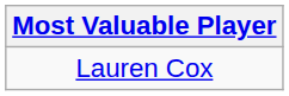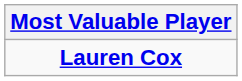 <table class=wikitable style="text-align:center; margin:auto">
 <tr>
 <th><a href='#'>Most Valuable Player</a></th>
 </tr>
 <tr>
-<td> <a href='#'>Lauren Cox</a></td>
+<td><strong> <a href='#'>Lauren Cox</a></strong></td>
 </tr>
 </table>
